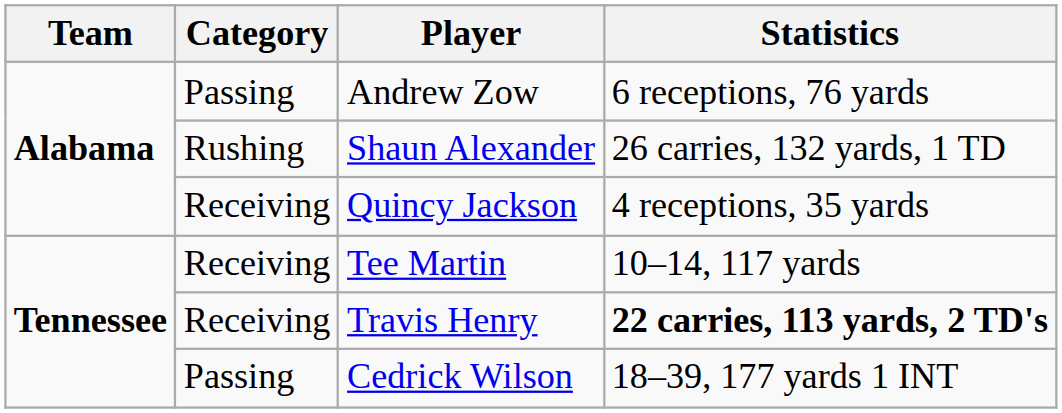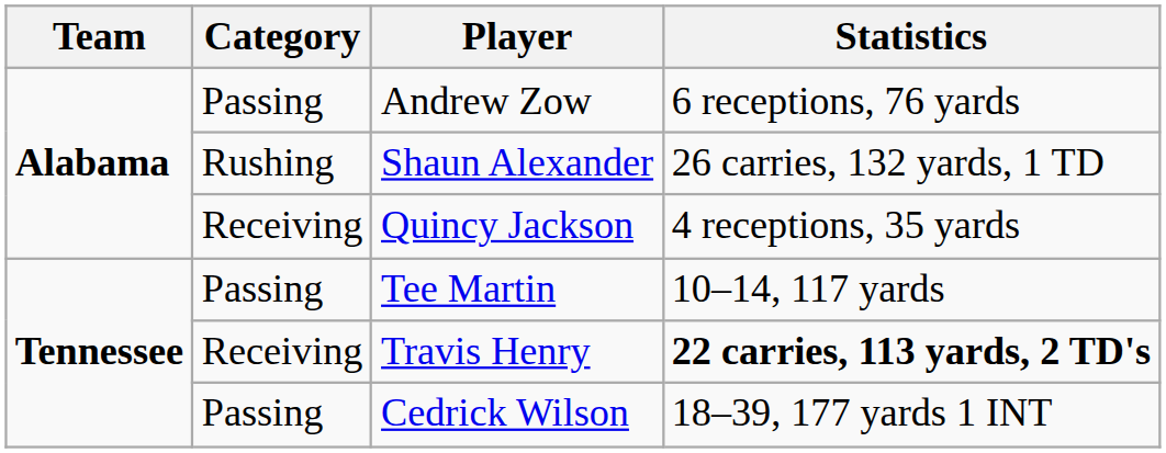 <table class="wikitable" style="float: right;">
 <tr>
 <th>Team</th>
 <th>Category</th>
 <th>Player</th>
 <th>Statistics</th>
 </tr>
 <tr>
 <td rowspan=3><strong>Alabama</strong></td>
 <td>Passing</td>
 <td>Andrew Zow</td>
 <td>6 receptions, 76 yards</td>
 </tr>
 <tr>
 <td>Rushing</td>
 <td><a href='#'>Shaun Alexander</a></td>
 <td>26 carries, 132 yards, 1 TD</td>
 </tr>
 <tr>
 <td>Receiving</td>
 <td><a href='#'>Quincy Jackson</a></td>
 <td>4 receptions, 35 yards</td>
 </tr>
 <tr>
 <td rowspan=3><strong>Tennessee</strong></td>
-<td>Receiving</td>
+<td>Passing</td>
 <td><a href='#'>Tee Martin</a></td>
 <td>10–14, 117 yards</td>
 </tr>
 <tr>
 <td>Receiving</td>
 <td><a href='#'>Travis Henry</a></td>
 <td><strong>22 carries, 113 yards, 2 TD's</strong></td>
 </tr>
 <tr>
 <td>Passing</td>
 <td><a href='#'>Cedrick Wilson</a></td>
 <td>18–39, 177 yards 1 INT</td>
 </tr>
 </table>
